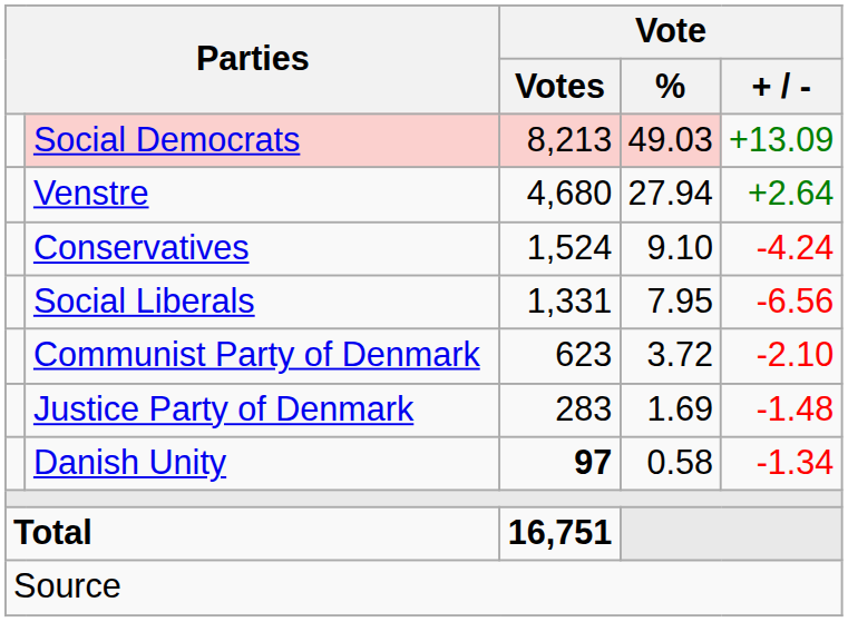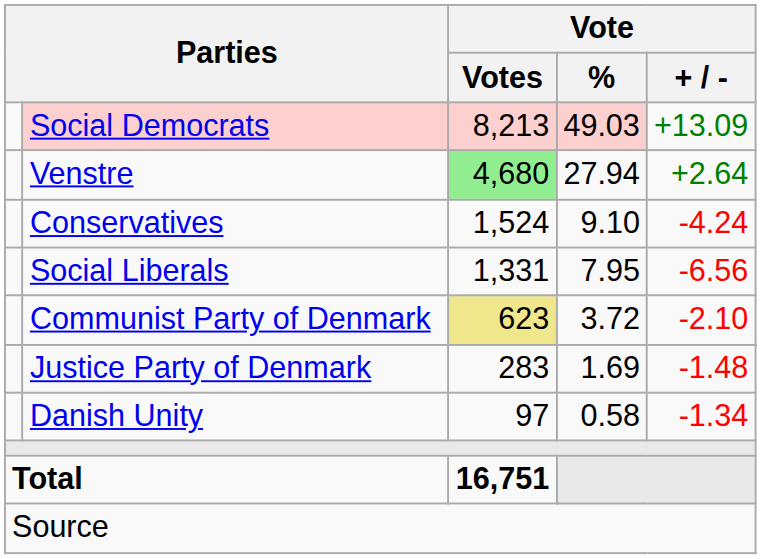 <table class="wikitable" style="text-align:right;">
 <tr>
 <th style="text-align:centre;" rowspan="2" colspan="2" width="225">Parties</th>
 <th colspan="3">Vote</th>
 </tr>
 <tr>
 <th width="15">Votes</th>
 <th width="15">%</th>
 <th width="15">+ / -</th>
 </tr>
 <tr>
 <td width="2" style="color:inherit;background:"></td>
 <td bgcolor=#fbd0ce  align="left"><a href='#'>Social Democrats</a></td>
 <td bgcolor=#fbd0ce>8,213</td>
 <td bgcolor=#fbd0ce>49.03</td>
 <td style=color:green;>+13.09</td>
 </tr>
 <tr>
 <td width="2" style="color:inherit;background:"></td>
 <td align="left"><a href='#'>Venstre</a></td>
-<td>4,680</td>
+<td style="background: lightgreen;">4,680</td>
 <td>27.94</td>
 <td style=color:green;>+2.64</td>
 </tr>
 <tr>
 <td width="2" style="color:inherit;background:"></td>
 <td align="left"><a href='#'>Conservatives</a></td>
 <td>1,524</td>
 <td>9.10</td>
 <td style=color:red;>-4.24</td>
 </tr>
 <tr>
 <td width="2" style="color:inherit;background:"></td>
 <td align="left"><a href='#'>Social Liberals</a></td>
 <td>1,331</td>
 <td>7.95</td>
 <td style=color:red;>-6.56</td>
 </tr>
 <tr>
 <td width="2" style="color:inherit;background:"></td>
 <td align="left"><a href='#'>Communist Party of Denmark</a></td>
-<td>623</td>
+<td style="background: khaki;">623</td>
 <td>3.72</td>
 <td style=color:red;>-2.10</td>
 </tr>
 <tr>
 <td width="2" style="color:inherit;background:"></td>
 <td align="left"><a href='#'>Justice Party of Denmark</a></td>
 <td>283</td>
 <td>1.69</td>
 <td style=color:red;>-1.48</td>
 </tr>
 <tr>
 <td width="2" style="color:inherit;background:"></td>
 <td align="left"><a href='#'>Danish Unity</a></td>
-<td><strong>97</strong></td>
+<td>97</td>
 <td>0.58</td>
 <td style=color:red;>-1.34</td>
 </tr>
 <tr>
 <td colspan="7" bgcolor="#E9E9E9"></td>
 </tr>
 <tr>
 <td align="left" colspan="2"><strong>Total</strong></td>
 <td><strong>16,751</strong></td>
 <td bgcolor="#E9E9E9" colspan="2"></td>
 </tr>
 <tr>
 <td align="left" colspan="6">Source</td>
 </tr>
 </table>
